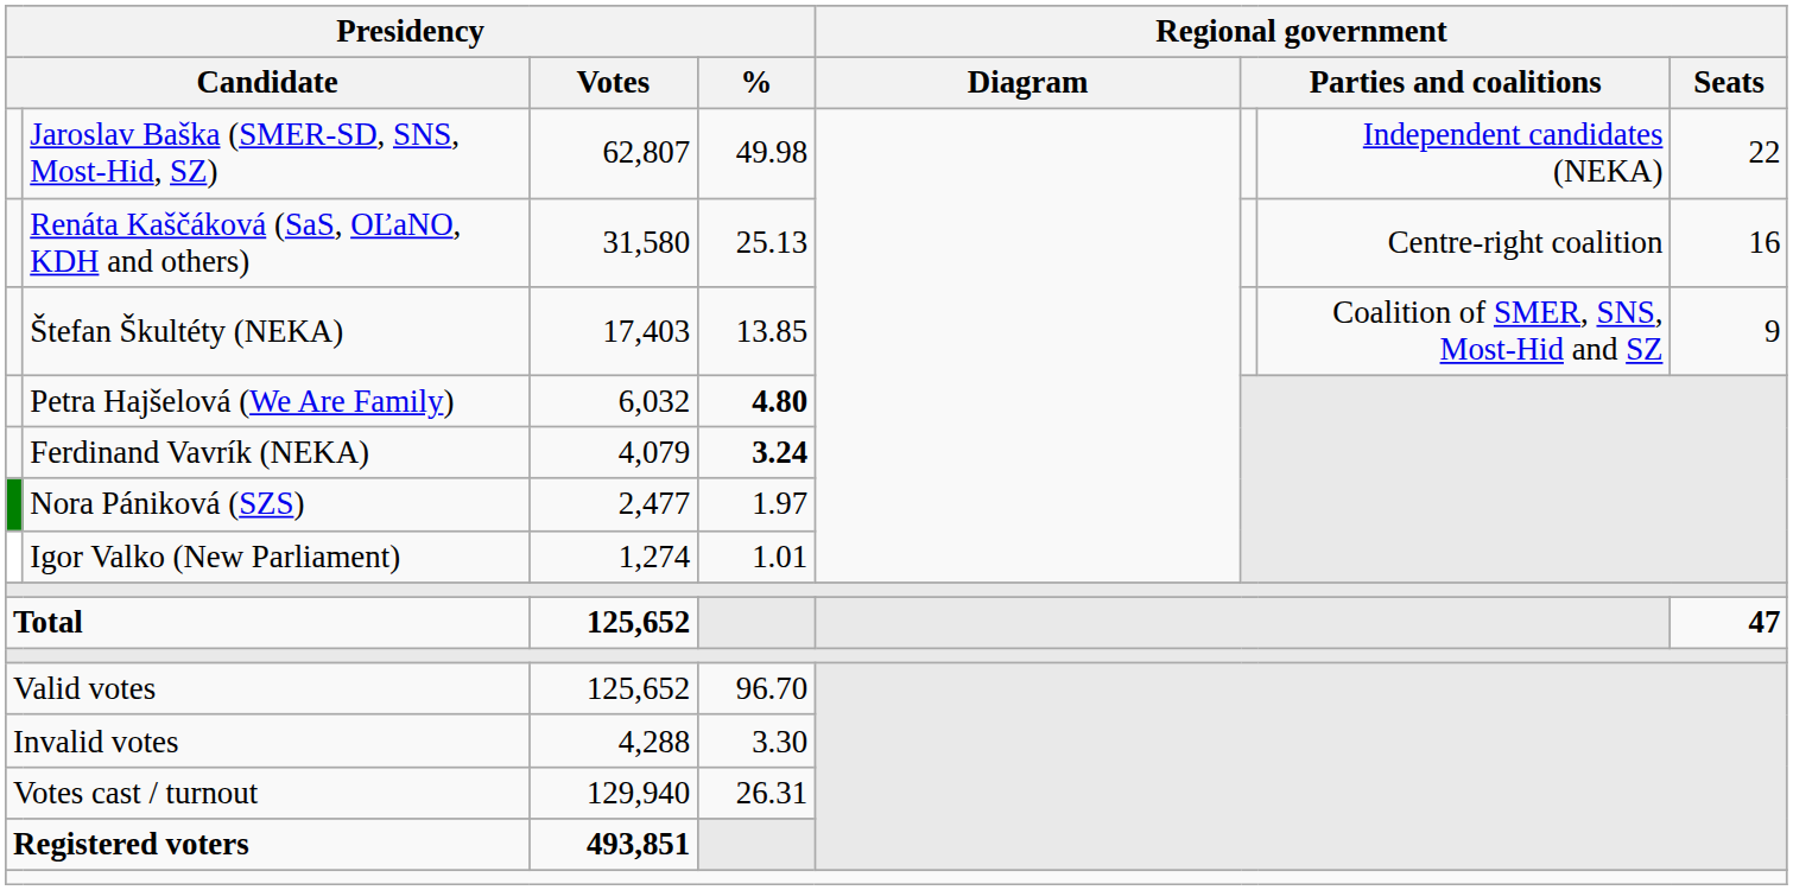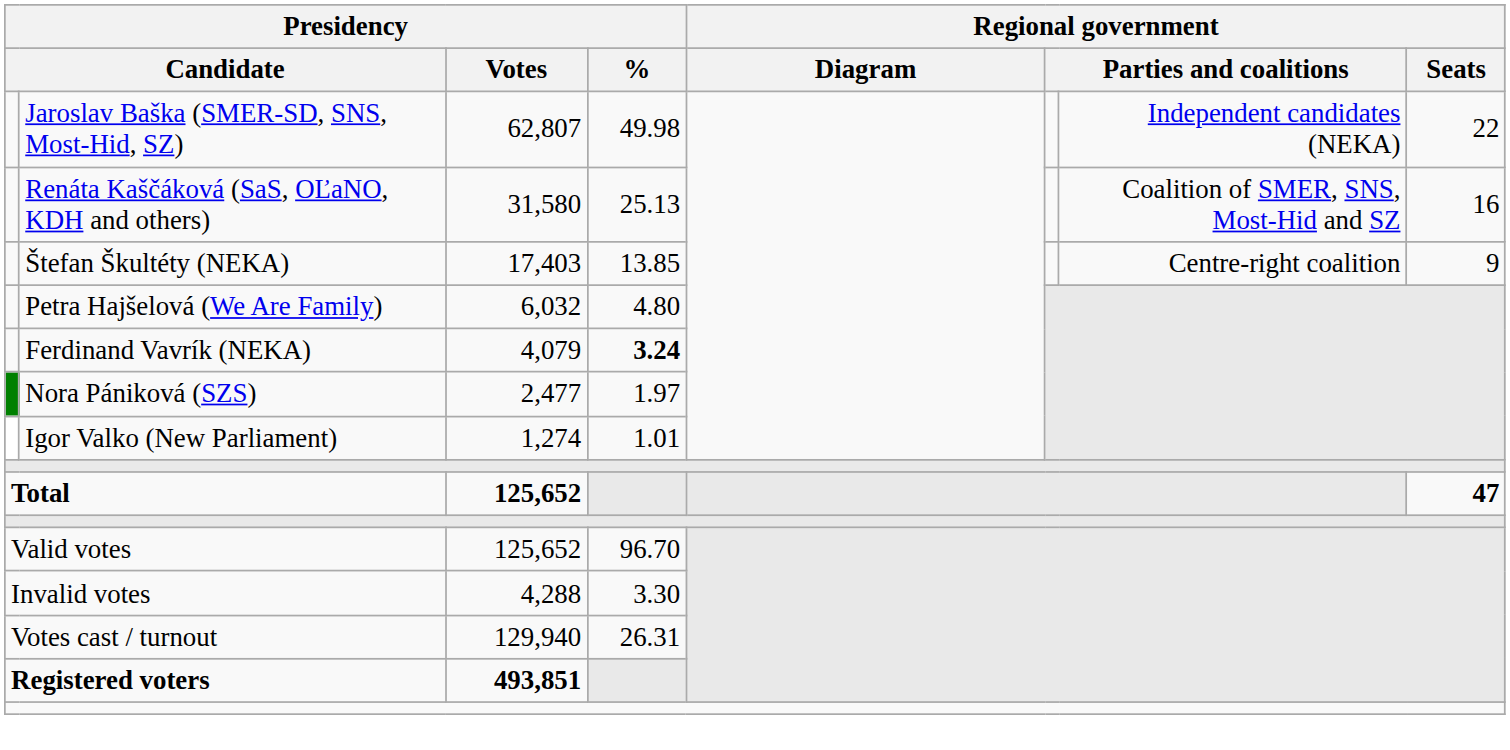 <table class="wikitable" style="text-align:right; font-size:97%;">
 <tr>
 <th colspan="4" width="500">Presidency</th>
 <th colspan="4" width="500">Regional government</th>
 </tr>
 <tr>
 <th colspan="2" width="325">Candidate</th>
 <th width="75">Votes</th>
 <th width="50">%</th>
 <th width="200">Diagram</th>
 <th colspan="2" width="250">Parties and coalitions</th>
 <th width="50">Seats</th>
 </tr>
 <tr>
 <td width="1" style="color:inherit;background:"></td>
 <td align="left"><a href='#'>Jaroslav Baška</a> (<a href='#'>SMER-SD</a>, <a href='#'>SNS</a>, <a href='#'>Most-Hid</a>, <a href='#'>SZ</a>)</td>
 <td>62,807</td>
 <td>49.98</td>
 <td rowspan="7"></td>
 <td width="1" style="color:inherit;background:"></td>
 <td><a href='#'>Independent candidates</a> (NEKA)</td>
 <td>22</td>
 </tr>
 <tr>
 <td width="1" style="color:inherit;background:"></td>
 <td align="left"><a href='#'>Renáta Kaščáková</a>  (<a href='#'>SaS</a>, <a href='#'>OĽaNO</a>, <a href='#'>KDH</a> and others)</td>
 <td>31,580</td>
 <td>25.13</td>
 <td width="1" style="color:inherit;background:"></td>
-<td>Centre-right coalition</td>
+<td>Coalition of <a href='#'>SMER</a>, <a href='#'>SNS</a>, <a href='#'>Most-Hid</a> and <a href='#'>SZ</a></td>
 <td>16</td>
 </tr>
 <tr>
 <td width="1" style="color:inherit;background:"></td>
 <td align="left">Štefan Škultéty (NEKA)</td>
 <td>17,403</td>
 <td>13.85</td>
 <td width="1" style="color:inherit;background:"></td>
-<td>Coalition of <a href='#'>SMER</a>, <a href='#'>SNS</a>, <a href='#'>Most-Hid</a> and <a href='#'>SZ</a></td>
+<td>Centre-right coalition</td>
 <td>9</td>
 </tr>
 <tr>
 <td width="1" style="color:inherit;background:"></td>
 <td align="left">Petra Hajšelová (<a href='#'>We Are Family</a>)</td>
 <td>6,032</td>
-<td><strong>4.80</strong></td>
+<td>4.80</td>
 <td colspan="3" rowspan="4" bgcolor="#E9E9E9"></td>
 </tr>
 <tr>
 <td width="1" style="color:inherit;background:"></td>
 <td align="left">Ferdinand Vavrík (NEKA)</td>
 <td>4,079</td>
 <td><strong>3.24</strong></td>
 </tr>
 <tr>
 <td width="1" bgcolor="green"></td>
 <td align="left">Nora Pániková (<a href='#'>SZS</a>)</td>
 <td>2,477</td>
 <td>1.97</td>
 </tr>
 <tr>
 <td width="1" bgcolor="white"></td>
 <td align="left">Igor Valko (New Parliament)</td>
 <td>1,274</td>
 <td>1.01</td>
 </tr>
 <tr>
 <td colspan="8" bgcolor="#E9E9E9"></td>
 </tr>
 <tr>
 <td align="left" colspan="2"><strong>Total</strong></td>
 <td><strong>125,652</strong></td>
 <td style="color:inherit;background:#E9E9E9"></td>
 <td colspan="3" bgcolor="#E9E9E9"></td>
 <td><strong>47</strong></td>
 </tr>
 <tr>
 <td colspan="8" bgcolor="#E9E9E9"></td>
 </tr>
 <tr>
 <td align="left" colspan="2">Valid votes</td>
 <td>125,652</td>
 <td>96.70</td>
 <td bgcolor="#E9E9E9" rowspan="4" colspan="4"></td>
 </tr>
 <tr>
 <td align="left" colspan="2">Invalid votes</td>
 <td>4,288</td>
 <td>3.30</td>
 </tr>
 <tr>
 <td align="left" colspan="2">Votes cast / turnout</td>
 <td>129,940</td>
 <td>26.31</td>
 </tr>
 <tr style="font-weight:bold;">
 <td align="left" colspan="2">Registered voters</td>
 <td>493,851</td>
 <td bgcolor="#E9E9E9"></td>
 </tr>
 <tr>
 <td colspan="8"></td>
 </tr>
 </table>
